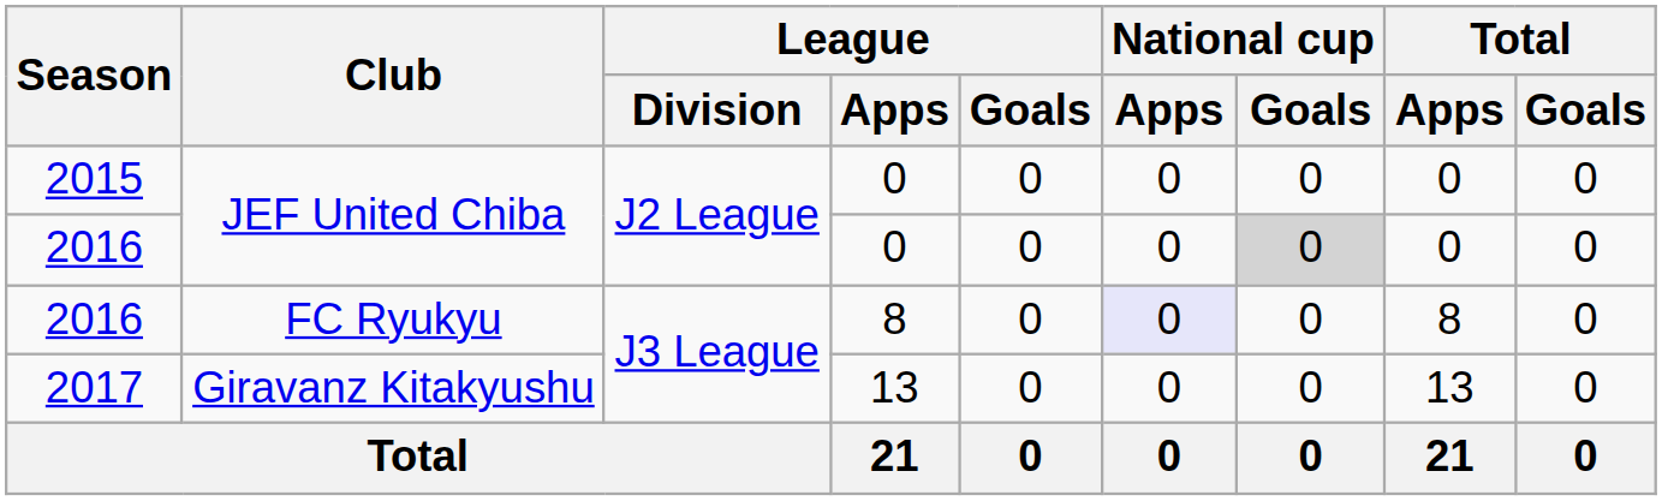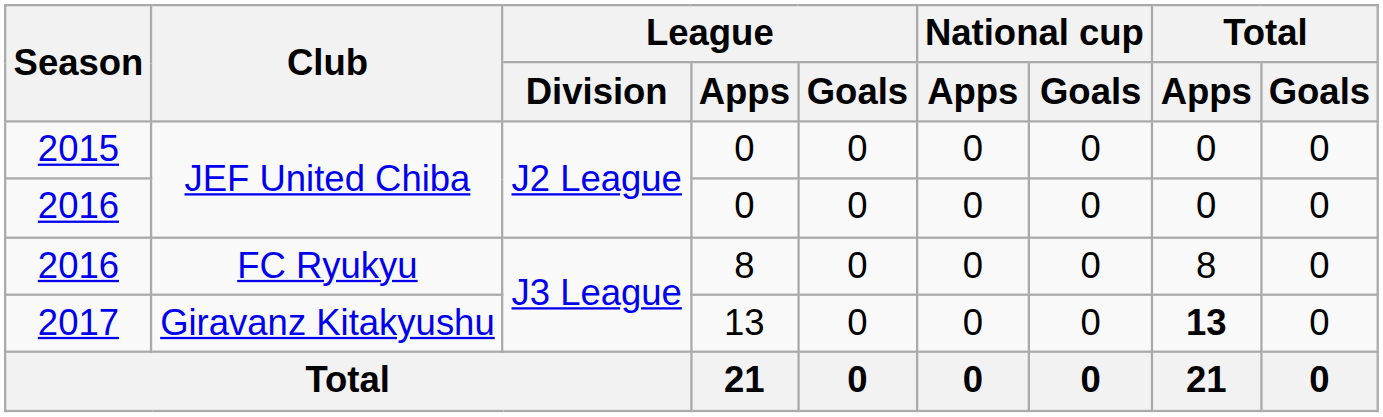 <table class="wikitable" style="text-align:center">
 <tr>
 <th rowspan="2">Season</th>
 <th rowspan="2">Club</th>
 <th colspan="3">League</th>
 <th colspan="2">National cup</th>
 <th colspan="2">Total</th>
 </tr>
 <tr>
 <th>Division</th>
 <th>Apps</th>
 <th>Goals</th>
 <th>Apps</th>
 <th>Goals</th>
 <th>Apps</th>
 <th>Goals</th>
 </tr>
 <tr>
 <td><a href='#'>2015</a></td>
 <td rowspan="2"><a href='#'>JEF United Chiba</a></td>
 <td rowspan="2"><a href='#'>J2 League</a></td>
 <td>0</td>
 <td>0</td>
 <td>0</td>
 <td>0</td>
 <td>0</td>
 <td>0</td>
 </tr>
 <tr>
 <td><a href='#'>2016</a></td>
 <td>0</td>
 <td>0</td>
 <td>0</td>
-<td style="background: lightgrey;">0</td>
+<td>0</td>
 <td>0</td>
 <td>0</td>
 </tr>
 <tr>
 <td><a href='#'>2016</a></td>
 <td><a href='#'>FC Ryukyu</a></td>
 <td rowspan="2"><a href='#'>J3 League</a></td>
 <td>8</td>
 <td>0</td>
-<td style="background: lavender;">0</td>
+<td>0</td>
 <td>0</td>
 <td>8</td>
 <td>0</td>
 </tr>
 <tr>
 <td><a href='#'>2017</a></td>
 <td rowspan="1"><a href='#'>Giravanz Kitakyushu</a></td>
 <td>13</td>
 <td>0</td>
 <td>0</td>
 <td>0</td>
-<td>13</td>
+<td><strong>13</strong></td>
 <td>0</td>
 </tr>
 <tr>
 <th colspan=3>Total</th>
 <th>21</th>
 <th>0</th>
 <th>0</th>
 <th>0</th>
 <th>21</th>
 <th>0</th>
 </tr>
 </table>
